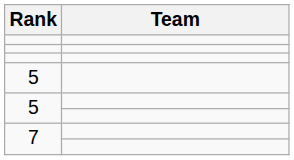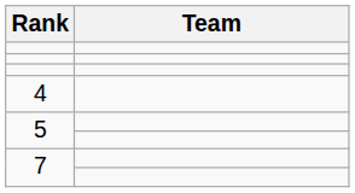 <table class="wikitable" style="text-align: center;">
 <tr>
 <th width=40>Rank</th>
 <th width=180>Team</th>
 </tr>
 <tr align=center>
 <td></td>
 <td style="text-align:left;"></td>
 </tr>
 <tr align=center>
 <td></td>
 <td style="text-align:left;"></td>
 </tr>
 <tr align=center>
 <td></td>
 <td style="text-align:left;"></td>
 </tr>
 <tr align=center>
-<td>5</td>
+<td>4</td>
 <td style="text-align:left;"></td>
 </tr>
 <tr align=center>
 <td rowspan=2>5</td>
 <td style="text-align:left;"></td>
 </tr>
 <tr align=center>
 <td style="text-align:left;"></td>
 </tr>
 <tr align=center>
 <td rowspan=2>7</td>
 <td style="text-align:left;"></td>
 </tr>
 <tr align=center>
 <td style="text-align:left;"></td>
 </tr>
 </table>
